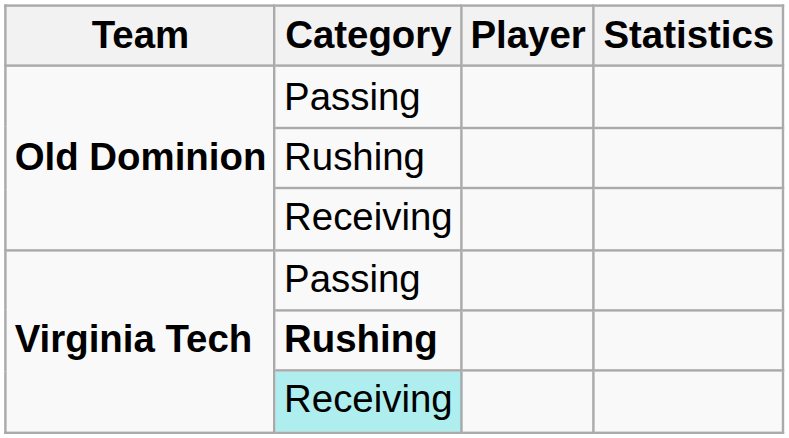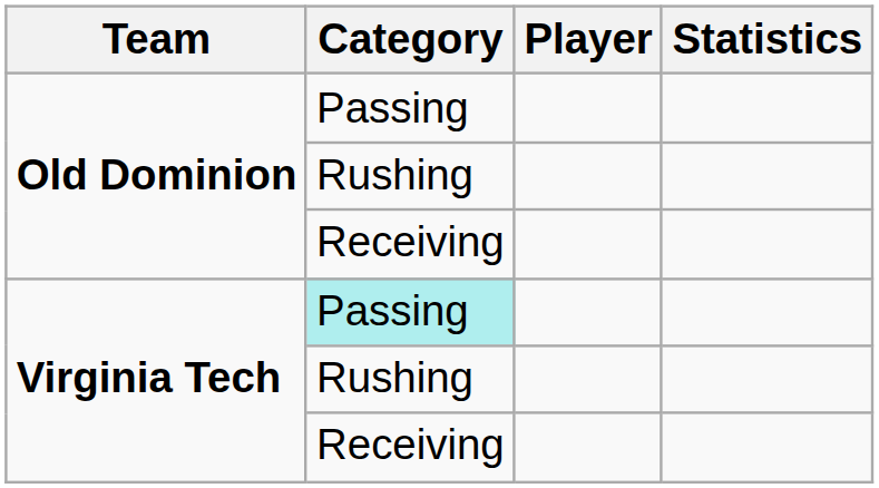 <table class="wikitable" style="float: right;">
 <tr>
 <th>Team</th>
 <th>Category</th>
 <th>Player</th>
 <th>Statistics</th>
 </tr>
 <tr>
 <td rowspan=3><strong>Old Dominion</strong></td>
 <td>Passing</td>
 <td></td>
 <td></td>
 </tr>
 <tr>
 <td>Rushing</td>
 <td></td>
 <td></td>
 </tr>
 <tr>
 <td>Receiving</td>
 <td></td>
 <td></td>
 </tr>
 <tr>
 <td rowspan=3><strong>Virginia Tech</strong></td>
-<td>Passing</td>
+<td style="background: paleturquoise;">Passing</td>
 <td></td>
 <td></td>
 </tr>
 <tr>
-<td><strong>Rushing</strong></td>
+<td>Rushing</td>
 <td></td>
 <td></td>
 </tr>
 <tr>
-<td style="background: paleturquoise;">Receiving</td>
+<td>Receiving</td>
 <td></td>
 <td></td>
 </tr>
 </table>
